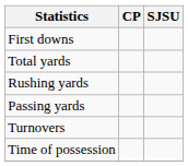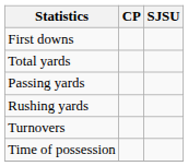 <table class="wikitable" style="float: left;">
 <tr>
 <th>Statistics</th>
 <th>CP</th>
 <th>SJSU</th>
 </tr>
 <tr>
 <td>First downs</td>
 <td></td>
 <td></td>
 </tr>
 <tr>
 <td>Total yards</td>
 <td></td>
 <td></td>
 </tr>
 <tr>
-<td>Rushing yards</td>
+<td>Passing yards</td>
 <td></td>
 <td></td>
 </tr>
 <tr>
-<td>Passing yards</td>
+<td>Rushing yards</td>
 <td></td>
 <td></td>
 </tr>
 <tr>
 <td>Turnovers</td>
 <td></td>
 <td></td>
 </tr>
 <tr>
 <td>Time of possession</td>
 <td></td>
 <td></td>
 </tr>
 <tr>
 </tr>
 </table>
